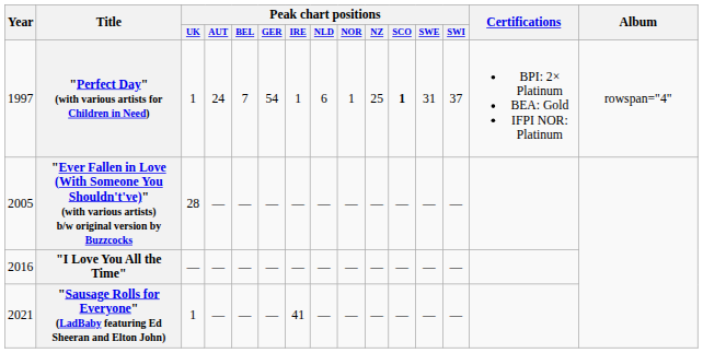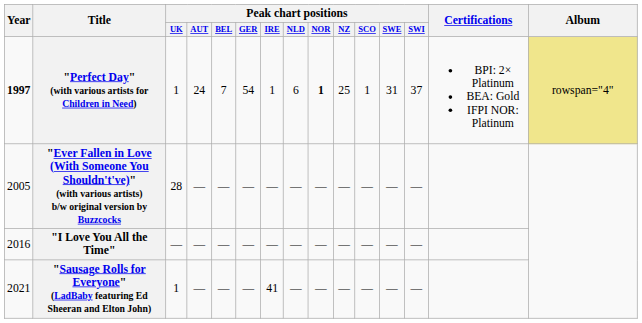 <table class="wikitable plainrowheaders" style="text-align:center;">
 <tr>
 <th scope="col" rowspan="2" style="width:1em;">Year</th>
 <th scope="col" rowspan="2" style="width:20em;">Title</th>
 <th scope="col" colspan="11">Peak chart positions</th>
 <th scope="col" rowspan="2" style="width:12em;"><a href='#'>Certifications</a></th>
 <th scope="col" rowspan="2" style="width:16em;">Album</th>
 </tr>
 <tr style="font-size:small;">
 <th scope="col" style="width:3em;font-size:90%"><a href='#'>UK</a><br></th>
 <th scope="col" style="width:3em;font-size:90%"><a href='#'>AUT</a><br></th>
 <th scope="col" style="width:3em;font-size:90%"><a href='#'>BEL</a><br></th>
 <th scope="col" style="width:3em;font-size:90%"><a href='#'>GER</a><br></th>
 <th scope="col" style="width:3em;font-size:90%"><a href='#'>IRE</a><br></th>
 <th scope="col" style="width:3em;font-size:90%"><a href='#'>NLD</a><br></th>
 <th scope="col" style="width:3em;font-size:90%"><a href='#'>NOR</a><br></th>
 <th scope="col" style="width:3em;font-size:90%"><a href='#'>NZ</a><br></th>
 <th scope="col" style="width:3em;font-size:90%"><a href='#'>SCO</a><br></th>
 <th scope="col" style="width:3em;font-size:90%"><a href='#'>SWE</a><br></th>
 <th style="width:3em;font-size:90%"><a href='#'>SWI</a><br></th>
 </tr>
 <tr>
-<td>1997</td>
+<td><strong>1997</strong></td>
 <th scope="row">"<a href='#'>Perfect Day</a>" <br><small>(with various artists for <a href='#'>Children in Need</a>)</small></th>
 <td>1</td>
 <td>24</td>
 <td>7</td>
 <td>54</td>
 <td>1</td>
 <td>6</td>
+<td><strong>1</strong></td>
+<td>25</td>
 <td>1</td>
-<td>25</td>
-<td><strong>1</strong></td>
 <td>31</td>
 <td>37</td>
 <td><br><ul><li>BPI: 2× Platinum</li><li>BEA: Gold</li><li>IFPI NOR: Platinum</li></ul></td>
-<td>rowspan="4" </td>
+<td style="background: khaki;">rowspan="4" </td>
 </tr>
 <tr>
 <td>2005</td>
 <th scope="row">"<a href='#'>Ever Fallen in Love (With Someone You Shouldn't've)</a>"<br><small>(with various artists)<br>b/w original version by <a href='#'>Buzzcocks</a></small></th>
 <td>28</td>
 <td>—</td>
 <td>—</td>
 <td>—</td>
 <td>—</td>
 <td>—</td>
 <td>—</td>
 <td>—</td>
 <td>—</td>
 <td>—</td>
 <td>—</td>
 <td></td>
 </tr>
 <tr>
 <td>2016</td>
 <th scope="row">"I Love You All the Time"</th>
 <td>—</td>
 <td>—</td>
 <td>—</td>
 <td>—</td>
 <td>—</td>
 <td>—</td>
 <td>—</td>
 <td>—</td>
 <td>—</td>
 <td>—</td>
 <td>—</td>
 <td></td>
 </tr>
 <tr>
 <td>2021</td>
 <th scope="row">"<a href='#'>Sausage Rolls for Everyone</a>" <br><small>(<a href='#'>LadBaby</a> featuring Ed Sheeran and Elton John)</small></th>
 <td>1</td>
 <td>—</td>
 <td>—</td>
 <td>—</td>
 <td>41</td>
 <td>—</td>
 <td>—</td>
 <td>—</td>
 <td>—</td>
 <td>—</td>
 <td>—</td>
 <td></td>
 </tr>
 </table>
